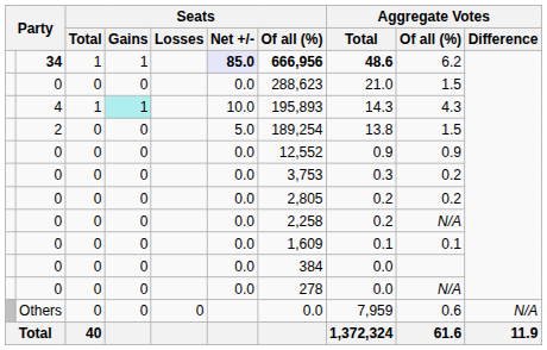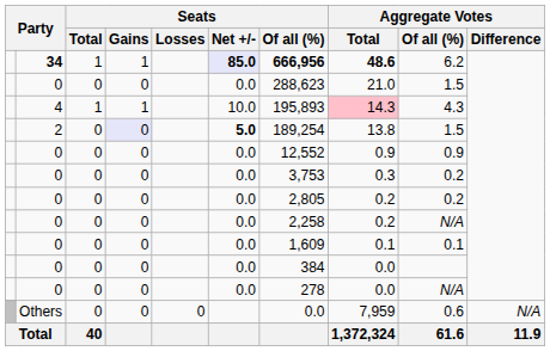 <table class="wikitable sortable" style="text-align:right; font-size:95%;">
 <tr>
 <th colspan="2" rowspan="2">Party</th>
 <th colspan="5">Seats</th>
 <th colspan="3">Aggregate Votes</th>
 </tr>
 <tr>
 <th>Total</th>
 <th>Gains</th>
 <th>Losses</th>
 <th>Net +/-</th>
 <th>Of all (%)</th>
 <th>Total</th>
 <th>Of all (%)</th>
 <th>Difference</th>
 </tr>
 <tr>
 <td></td>
 <td align="right"><strong>34</strong></td>
 <td align="right">1</td>
 <td align="right">1</td>
 <td align="right"></td>
 <td align="right" style="background: lavender;"><strong>85.0</strong></td>
 <td align="right"><strong>666,956</strong></td>
 <td align="right"><strong>48.6</strong></td>
 <td align="right">6.2</td>
 </tr>
 <tr>
 <td></td>
 <td align="right">0</td>
 <td align="right">0</td>
 <td align="right">0</td>
 <td align="right"></td>
 <td align="right">0.0</td>
 <td align="right">288,623</td>
 <td align="right">21.0</td>
 <td align="right">1.5</td>
 </tr>
 <tr>
 <td></td>
 <td align="right">4</td>
 <td align="right">1</td>
-<td align="right" style="background: paleturquoise;">1</td>
+<td align="right">1</td>
 <td align="right"></td>
 <td align="right">10.0</td>
 <td align="right">195,893</td>
-<td align="right">14.3</td>
+<td align="right" style="background: pink;">14.3</td>
 <td align="right">4.3</td>
 </tr>
 <tr>
 <td></td>
 <td align="right">2</td>
 <td align="right">0</td>
-<td align="right">0</td>
+<td align="right" style="background: lavender;">0</td>
 <td align="right"></td>
-<td align="right">5.0</td>
+<td align="right"><strong>5.0</strong></td>
 <td align="right">189,254</td>
 <td align="right">13.8</td>
 <td align="right">1.5</td>
 </tr>
 <tr>
 <td></td>
 <td align="right">0</td>
 <td align="right">0</td>
 <td align="right">0</td>
 <td align="right"></td>
 <td align="right">0.0</td>
 <td align="right">12,552</td>
 <td align="right">0.9</td>
 <td align="right">0.9</td>
 </tr>
 <tr>
 <td></td>
 <td align="right">0</td>
 <td align="right">0</td>
 <td align="right">0</td>
 <td align="right"></td>
 <td align="right">0.0</td>
 <td align="right">3,753</td>
 <td align="right">0.3</td>
 <td align="right">0.2</td>
 </tr>
 <tr>
 <td></td>
 <td align="right">0</td>
 <td align="right">0</td>
 <td align="right">0</td>
 <td align="right"></td>
 <td align="right">0.0</td>
 <td align="right">2,805</td>
 <td align="right">0.2</td>
 <td align="right">0.2</td>
 </tr>
 <tr>
 <td></td>
 <td align="right">0</td>
 <td align="right">0</td>
 <td align="right">0</td>
 <td align="right"></td>
 <td align="right">0.0</td>
 <td align="right">2,258</td>
 <td align="right">0.2</td>
 <td align="right"><em>N/A</em></td>
 </tr>
 <tr>
 <td></td>
 <td align="right">0</td>
 <td align="right">0</td>
 <td align="right">0</td>
 <td align="right"></td>
 <td align="right">0.0</td>
 <td align="right">1,609</td>
 <td align="right">0.1</td>
 <td align="right">0.1</td>
 </tr>
 <tr>
 <td></td>
 <td align="right">0</td>
 <td align="right">0</td>
 <td align="right">0</td>
 <td align="right"></td>
 <td align="right">0.0</td>
 <td align="right">384</td>
 <td align="right">0.0</td>
 <td align="right"></td>
 </tr>
 <tr>
 <td></td>
 <td align="right">0</td>
 <td align="right">0</td>
 <td align="right">0</td>
 <td align="right"></td>
 <td align="right">0.0</td>
 <td align="right">278</td>
 <td align="right">0.0</td>
 <td align="right"><em>N/A</em></td>
 </tr>
 <tr>
 <td style="background:silver;"> </td>
 <td align=left>Others</td>
 <td>0</td>
 <td>0</td>
 <td>0</td>
 <td></td>
 <td>0.0</td>
 <td>7,959</td>
 <td>0.6</td>
 <td><em>N/A</em></td>
 </tr>
 <tr class="sortbottom">
 <th colspan="2" style="background:#f2f2f2"><strong>Total</strong></th>
 <td style="background:#f2f2f2;"><strong>40</strong></td>
 <td style="background:#f2f2f2;"></td>
 <td style="background:#f2f2f2;"></td>
 <td style="background:#f2f2f2;"></td>
 <td style="background:#f2f2f2;"></td>
 <td style="background:#f2f2f2;"><strong>1,372,324</strong></td>
 <td style="background:#f2f2f2;"><strong>61.6</strong></td>
 <td style="background:#f2f2f2;"><strong>11.9</strong></td>
 </tr>
 </table>
